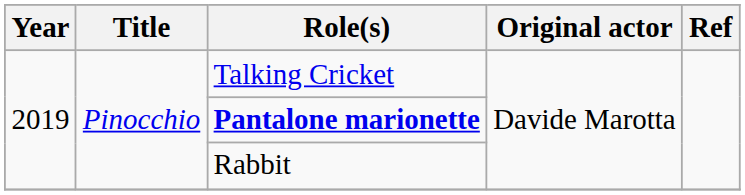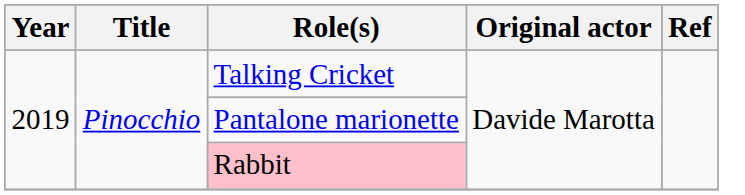 <table class="wikitable plainrowheaders sortable">
 <tr>
 <th scope="col">Year</th>
 <th scope="col">Title</th>
 <th scope="col">Role(s)</th>
 <th scope="col">Original actor</th>
 <th scope="col" class="unsortable">Ref</th>
 </tr>
 <tr>
 <td rowspan=3>2019</td>
 <td rowspan=3><em><a href='#'>Pinocchio</a></em></td>
 <td><a href='#'>Talking Cricket</a></td>
 <td rowspan=3>Davide Marotta</td>
 <td rowspan=3></td>
 </tr>
 <tr>
-<td><strong><a href='#'>Pantalone marionette</a></strong></td>
+<td><a href='#'>Pantalone marionette</a></td>
 </tr>
 <tr>
-<td>Rabbit</td>
+<td style="background: pink;">Rabbit</td>
 </tr>
 <tr>
 </tr>
 </table>
